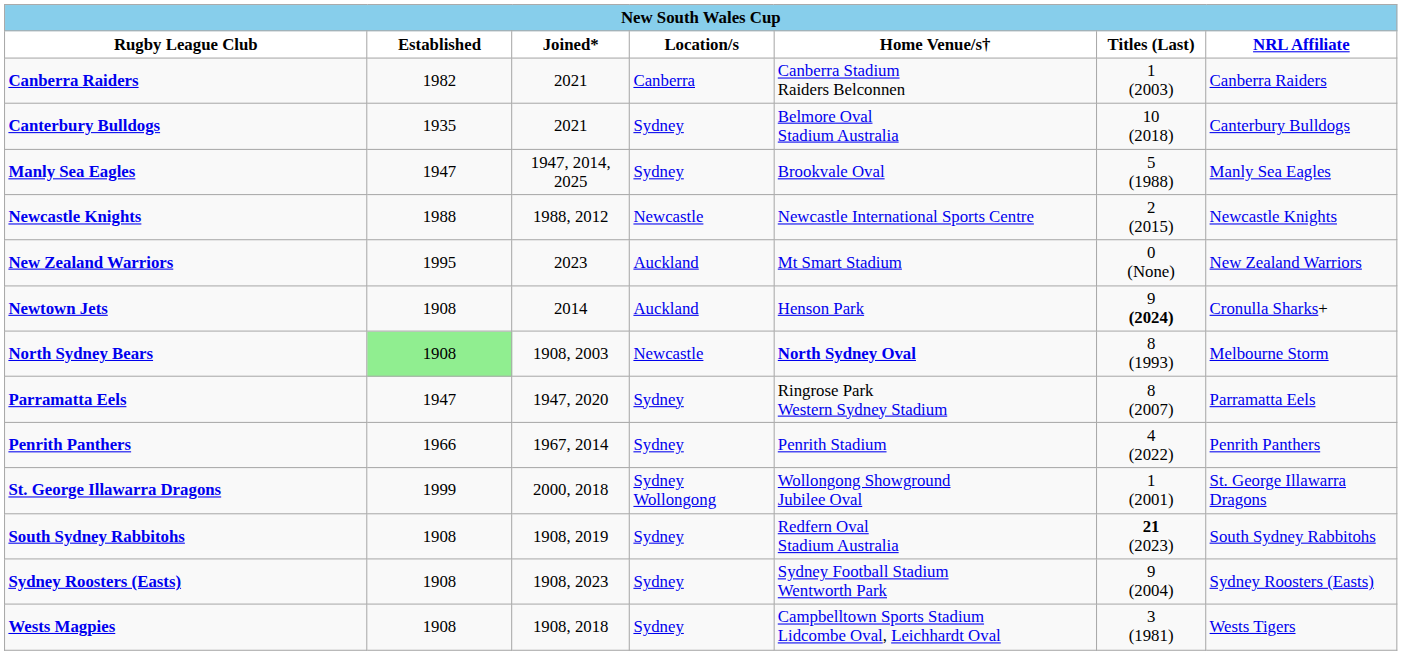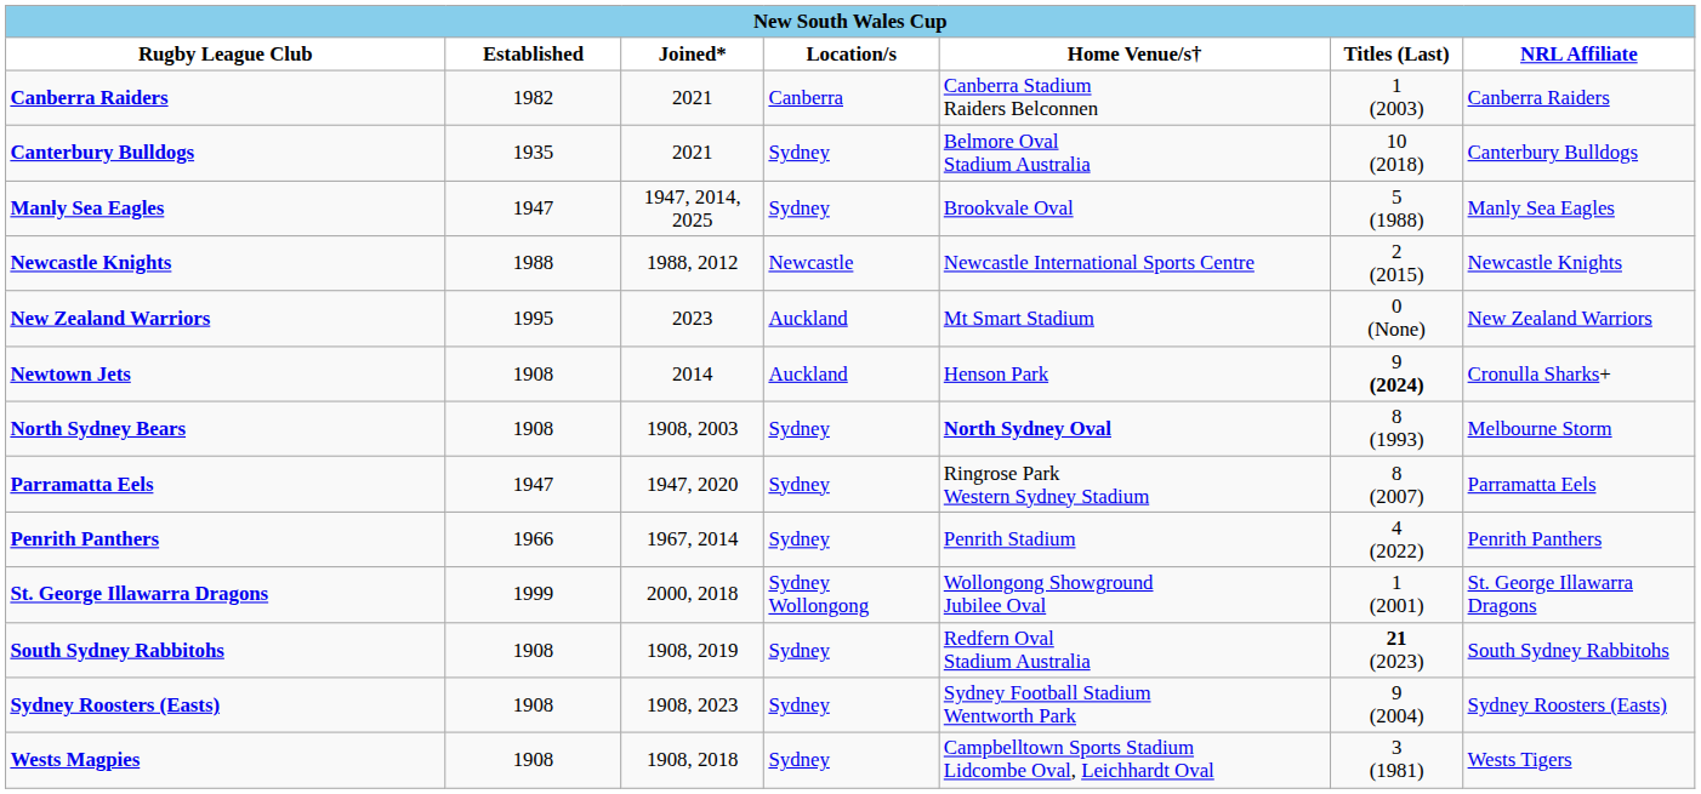 <table class="wikitable" style="width: 105%">
 <tr>
 <td colspan="8" style="background:skyblue; text-align:center;"><strong><span>New South Wales Cup</span></strong></td>
 </tr>
 <tr>
 <th style="background:white; width:05%">Rugby League Club</th>
 <th style="background:white; width:01%">Established</th>
 <th style="background:white; width:01%">Joined*</th>
 <th style="background:white; width:01%">Location/s</th>
 <th style="background:white; width:04%">Home Venue/s†</th>
 <th style="background:white; width:01%">Titles (Last)</th>
 <th style="background:white; width:02%"><a href='#'>NRL Affiliate</a></th>
 </tr>
 <tr>
 <td style="text-align:left"> <strong><a href='#'>Canberra Raiders</a></strong></td>
 <td style="text-align:center">1982</td>
 <td style="text-align:center">2021</td>
 <td><a href='#'>Canberra</a></td>
 <td><a href='#'>Canberra Stadium</a><br>Raiders Belconnen</td>
 <td align=center>1<br>(2003)</td>
 <td style="text-align:left"> <a href='#'>Canberra Raiders</a></td>
 </tr>
 <tr>
 <td style="text-align:left"> <strong><a href='#'>Canterbury Bulldogs</a></strong></td>
 <td style="text-align:center">1935</td>
 <td style="text-align:center">2021</td>
 <td><a href='#'>Sydney</a></td>
 <td><a href='#'>Belmore Oval</a><br><a href='#'>Stadium Australia</a></td>
 <td align=center>10<br>(2018)</td>
 <td style="text-align:left"> <a href='#'>Canterbury Bulldogs</a></td>
 </tr>
 <tr>
 <td style="text-align:left"> <strong><a href='#'>Manly Sea Eagles</a></strong><br></td>
 <td style="text-align:center">1947</td>
 <td style="text-align:center">1947, 2014, 2025</td>
 <td><a href='#'>Sydney</a></td>
 <td><a href='#'>Brookvale Oval</a></td>
 <td align=center>5<br>(1988)</td>
 <td style="text-align:left"> <a href='#'>Manly Sea Eagles</a></td>
 </tr>
 <tr>
 <td style="text-align:left"> <strong><a href='#'>Newcastle Knights</a></strong></td>
 <td style="text-align:center">1988</td>
 <td style="text-align:center">1988, 2012</td>
 <td><a href='#'>Newcastle</a></td>
 <td><a href='#'>Newcastle International Sports Centre</a></td>
 <td align=center>2<br>(2015)</td>
 <td style="text-align:left"> <a href='#'>Newcastle Knights</a></td>
 </tr>
 <tr>
 <td style="text-align:left"> <strong><a href='#'>New Zealand Warriors</a></strong></td>
 <td style="text-align:center">1995</td>
 <td style="text-align:center">2023</td>
 <td><a href='#'>Auckland</a></td>
 <td><a href='#'>Mt Smart Stadium</a></td>
 <td align=center>0<br>(None)</td>
 <td style="text-align:left"> <a href='#'>New Zealand Warriors</a></td>
 </tr>
 <tr>
 <td style="text-align:left"> <strong><a href='#'>Newtown Jets</a></strong></td>
 <td style="text-align:center">1908</td>
 <td style="text-align:center">2014</td>
 <td><a href='#'>Auckland</a></td>
 <td><a href='#'>Henson Park</a></td>
 <td align=center>9<br><strong>(2024)</strong></td>
 <td style="text-align:left"> <a href='#'>Cronulla Sharks</a>+</td>
 </tr>
 <tr>
 <td style="text-align:left"> <strong><a href='#'>North Sydney Bears</a></strong></td>
-<td style="background: lightgreen; text-align:center">1908</td>
+<td style="text-align:center">1908</td>
 <td style="text-align:center">1908, 2003</td>
-<td><a href='#'>Newcastle</a></td>
+<td><a href='#'>Sydney</a></td>
 <td><strong><a href='#'>North Sydney Oval</a></strong></td>
 <td align=center>8<br>(1993)</td>
 <td style="text-align:left"> <a href='#'>Melbourne Storm</a></td>
 </tr>
 <tr>
 <td style="text-align:left"> <strong><a href='#'>Parramatta Eels</a></strong></td>
 <td style="text-align:center">1947</td>
 <td style="text-align:center">1947, 2020</td>
 <td><a href='#'>Sydney</a></td>
 <td>Ringrose Park<br><a href='#'>Western Sydney Stadium</a></td>
 <td align=center>8<br>(2007)</td>
 <td style="text-align:left"> <a href='#'>Parramatta Eels</a></td>
 </tr>
 <tr>
 <td style="text-align:left"> <strong><a href='#'>Penrith Panthers</a></strong></td>
 <td style="text-align:center">1966</td>
 <td style="text-align:center">1967, 2014</td>
 <td><a href='#'>Sydney</a></td>
 <td><a href='#'>Penrith Stadium</a></td>
 <td align=center>4<br>(2022)</td>
 <td style="text-align:left"> <a href='#'>Penrith Panthers</a></td>
 </tr>
 <tr>
 <td style="text-align:left"> <strong><a href='#'>St. George Illawarra Dragons</a></strong></td>
 <td style="text-align:center">1999</td>
 <td style="text-align:center">2000, 2018</td>
 <td><a href='#'>Sydney</a><br><a href='#'>Wollongong</a></td>
 <td><a href='#'>Wollongong Showground</a><br> <a href='#'>Jubilee Oval</a></td>
 <td align=center>1<br>(2001)</td>
 <td style="text-align:left"> <a href='#'>St. George Illawarra Dragons</a></td>
 </tr>
 <tr>
 <td style="text-align:left"> <strong><a href='#'>South Sydney Rabbitohs</a></strong></td>
 <td style="text-align:center">1908</td>
 <td style="text-align:center">1908, 2019</td>
 <td><a href='#'>Sydney</a></td>
 <td><a href='#'>Redfern Oval</a><br><a href='#'>Stadium Australia</a></td>
 <td align=center><strong>21</strong><br>(2023)</td>
 <td style="text-align:left"> <a href='#'>South Sydney Rabbitohs</a></td>
 </tr>
 <tr>
 <td style="text-align:left"> <strong><a href='#'>Sydney Roosters (Easts)</a></strong></td>
 <td style="text-align:center">1908</td>
 <td style="text-align:center">1908, 2023</td>
 <td><a href='#'>Sydney</a></td>
 <td><a href='#'>Sydney Football Stadium</a><br><a href='#'>Wentworth Park</a></td>
 <td align=center>9<br>(2004)</td>
 <td style="text-align:left"> <a href='#'>Sydney Roosters (Easts)</a></td>
 </tr>
 <tr>
 <td style="text-align:left"> <strong><a href='#'>Wests Magpies</a></strong></td>
 <td style="text-align:center">1908</td>
 <td style="text-align:center">1908, 2018</td>
 <td><a href='#'>Sydney</a></td>
 <td><a href='#'>Campbelltown Sports Stadium</a><br><a href='#'>Lidcombe Oval</a>, <a href='#'>Leichhardt Oval</a></td>
 <td align=center>3<br>(1981)</td>
 <td style="text-align:left"> <a href='#'>Wests Tigers</a></td>
 </tr>
 </table>
